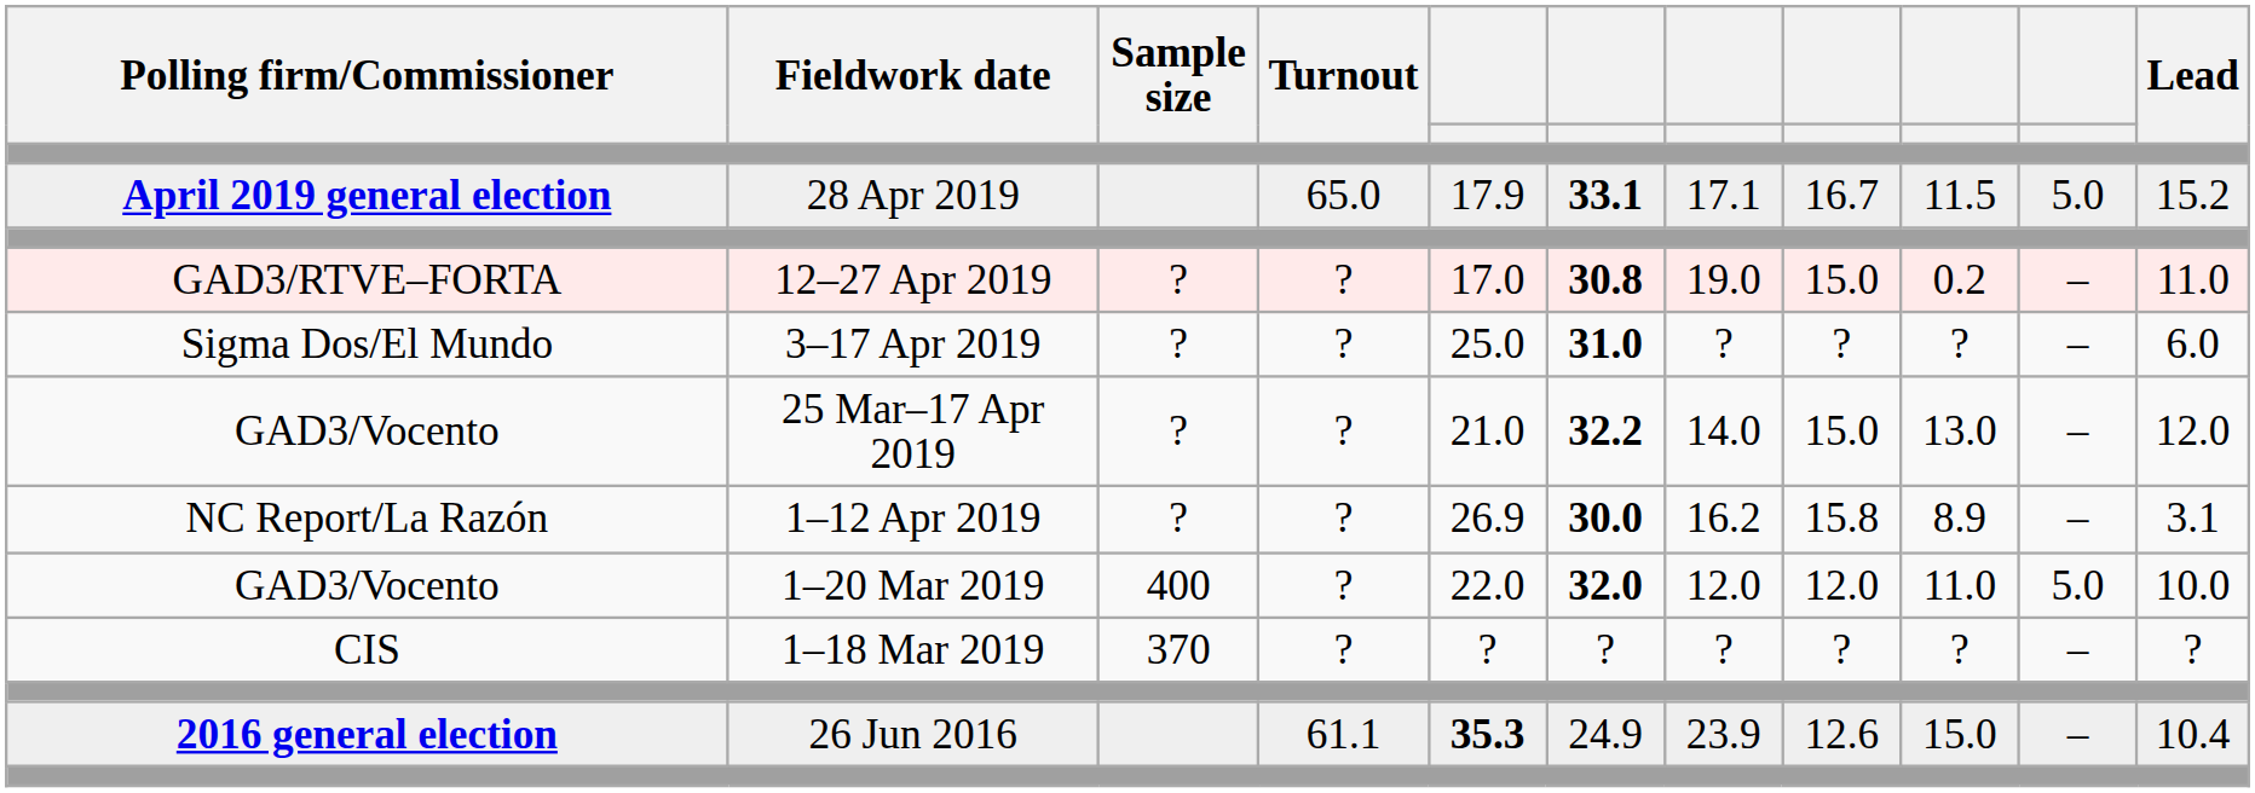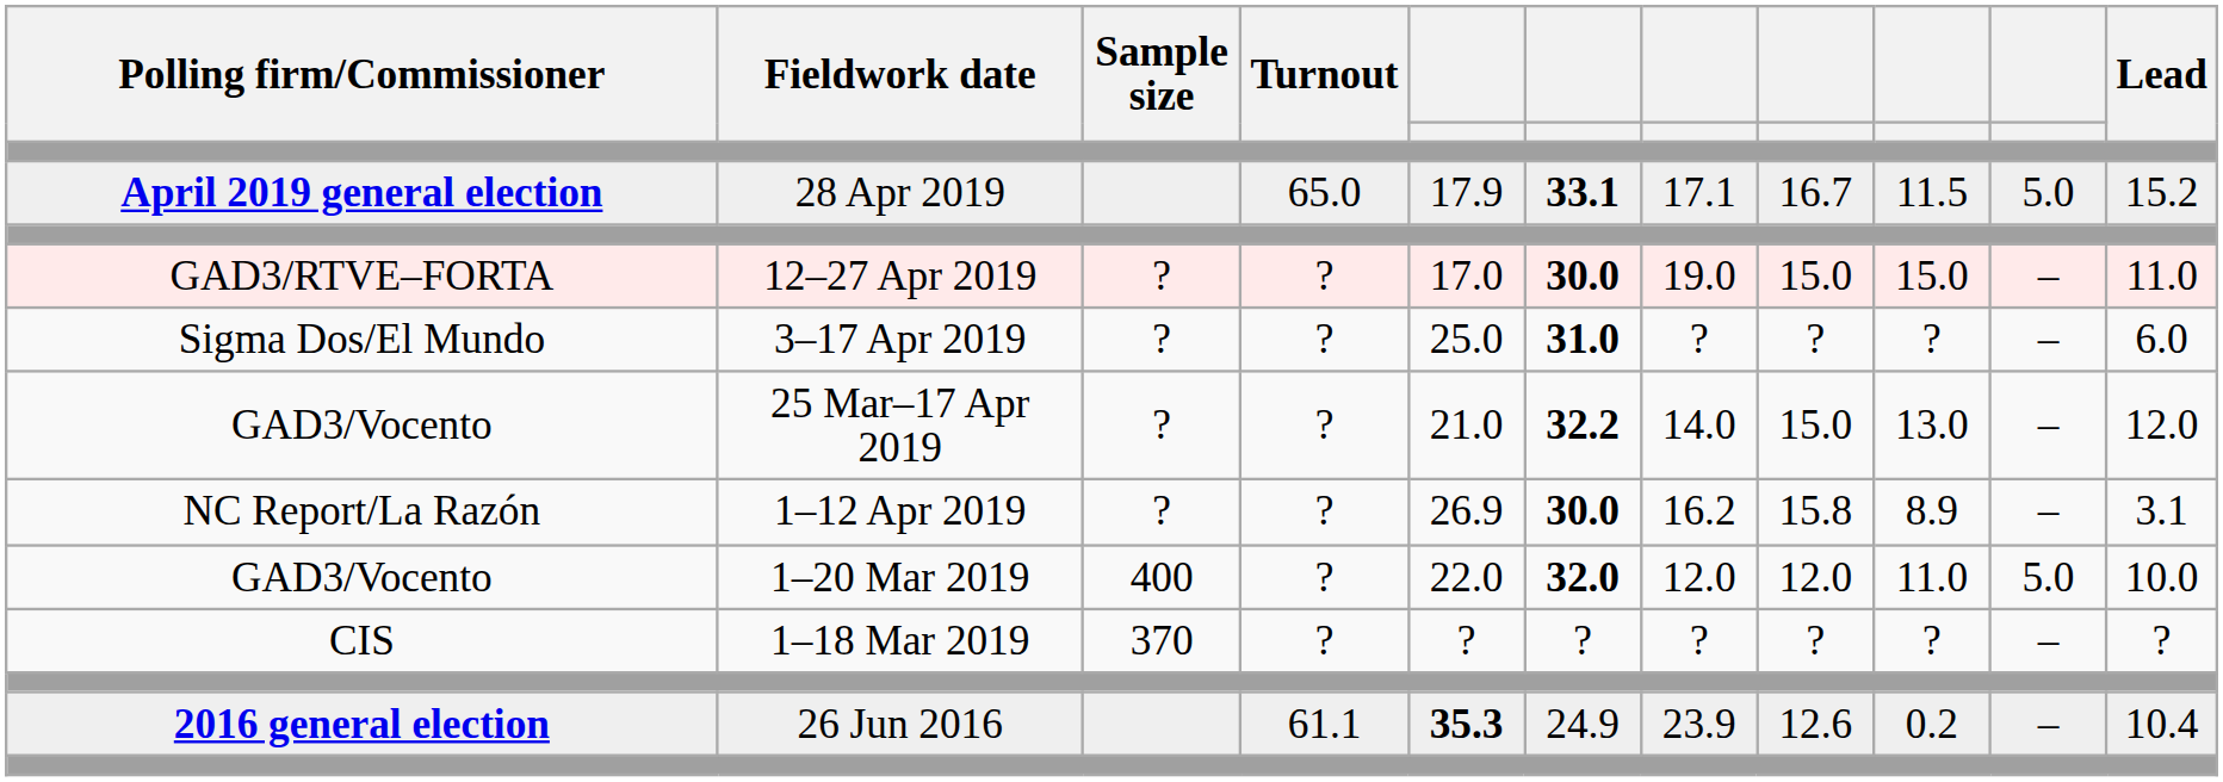 <table class="wikitable collapsible collapsed" style="text-align:center; font-size:95%; line-height:16px;">
 <tr style="height:42px;">
 <th style="width:250px;" rowspan="2">Polling firm/Commissioner</th>
 <th style="width:125px;" rowspan="2">Fieldwork date</th>
 <th style="width:50px;" rowspan="2">Sample size</th>
 <th style="width:45px;" rowspan="2">Turnout</th>
 <th style="width:35px;"></th>
 <th style="width:35px;"></th>
 <th style="width:35px;"></th>
 <th style="width:35px;"></th>
 <th style="width:35px;"></th>
 <th style="width:35px;"></th>
 <th style="width:30px;" rowspan="2">Lead</th>
 </tr>
 <tr>
 <th style="color:inherit;background:"></th>
 <th style="color:inherit;background:"></th>
 <th style="color:inherit;background:"></th>
 <th style="color:inherit;background:"></th>
 <th style="color:inherit;background:"></th>
 <th style="color:inherit;background:"></th>
 </tr>
 <tr>
 <td colspan="11" style="background:#A0A0A0"></td>
 </tr>
 <tr style="background:#EFEFEF;">
 <td><strong><a href='#'>April 2019 general election</a></strong></td>
 <td>28 Apr 2019</td>
 <td></td>
 <td>65.0</td>
 <td>17.9<br></td>
 <td><strong>33.1</strong><br></td>
 <td>17.1<br></td>
 <td>16.7<br></td>
 <td>11.5<br></td>
 <td>5.0<br></td>
 <td style="background:">15.2</td>
 </tr>
 <tr>
 <td colspan="11" style="background:#A0A0A0"></td>
 </tr>
 <tr style="background:#FFEAEA;">
 <td>GAD3/RTVE–FORTA</td>
 <td>12–27 Apr 2019</td>
 <td>?</td>
 <td>?</td>
 <td>17.0<br></td>
-<td><strong>30.8</strong><br></td>
+<td><strong>30.0</strong><br></td>
 <td>19.0<br></td>
 <td>15.0<br></td>
-<td>0.2<br></td>
+<td>15.0<br></td>
 <td>–</td>
 <td style="background:">11.0</td>
 </tr>
 <tr>
 <td>Sigma Dos/El Mundo</td>
 <td>3–17 Apr 2019</td>
 <td>?</td>
 <td>?</td>
 <td>25.0<br></td>
 <td><strong>31.0</strong><br></td>
 <td>?<br></td>
 <td>?<br></td>
 <td>?<br></td>
 <td>–</td>
 <td style="background:">6.0</td>
 </tr>
 <tr>
 <td>GAD3/Vocento</td>
 <td>25 Mar–17 Apr 2019</td>
 <td>?</td>
 <td>?</td>
 <td>21.0<br></td>
 <td><strong>32.2</strong><br></td>
 <td>14.0<br></td>
 <td>15.0<br></td>
 <td>13.0<br></td>
 <td>–</td>
 <td style="background:">12.0</td>
 </tr>
 <tr>
 <td>NC Report/La Razón</td>
 <td>1–12 Apr 2019</td>
 <td>?</td>
 <td>?</td>
 <td>26.9<br></td>
 <td><strong>30.0</strong><br></td>
 <td>16.2<br></td>
 <td>15.8<br></td>
 <td>8.9<br></td>
 <td>–</td>
 <td style="background:">3.1</td>
 </tr>
 <tr>
 <td>GAD3/Vocento</td>
 <td>1–20 Mar 2019</td>
 <td>400</td>
 <td>?</td>
 <td>22.0<br></td>
 <td><strong>32.0</strong><br></td>
 <td>12.0<br></td>
 <td>12.0<br></td>
 <td>11.0<br></td>
 <td>5.0<br></td>
 <td style="background:">10.0</td>
 </tr>
 <tr>
 <td>CIS</td>
 <td>1–18 Mar 2019</td>
 <td>370</td>
 <td>?</td>
 <td>?<br></td>
 <td>?<br></td>
 <td>?<br></td>
 <td>?<br></td>
 <td>?<br></td>
 <td>–</td>
 <td style="background:">?</td>
 </tr>
 <tr>
 <td colspan="11" style="background:#A0A0A0"></td>
 </tr>
 <tr style="background:#EFEFEF;">
 <td><strong><a href='#'>2016 general election</a></strong></td>
 <td>26 Jun 2016</td>
 <td></td>
 <td>61.1</td>
 <td><strong>35.3</strong><br></td>
 <td>24.9<br></td>
 <td>23.9<br></td>
 <td>12.6<br></td>
-<td>15.0<br></td>
+<td>0.2<br></td>
 <td>–</td>
 <td style="background:">10.4</td>
 </tr>
 <tr>
 <td colspan="11" style="background:#A0A0A0"></td>
 </tr>
 </table>
